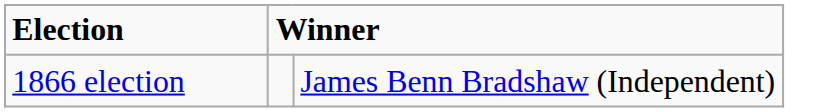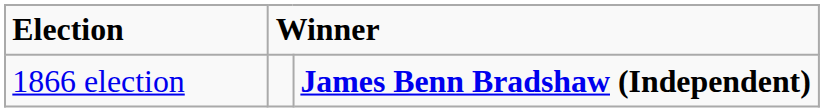 <table class="wikitable">
 <tr>
 <td width=125><strong>Election</strong></td>
 <td width=175 colspan=2><strong>Winner</strong></td>
 </tr>
 <tr>
 <td><a href='#'>1866 election</a></td>
 <td width=5 bgcolor=></td>
-<td><a href='#'>James Benn Bradshaw</a> (Independent)</td>
+<td><strong><a href='#'>James Benn Bradshaw</a> (Independent)</strong></td>
 </tr>
 </table>
